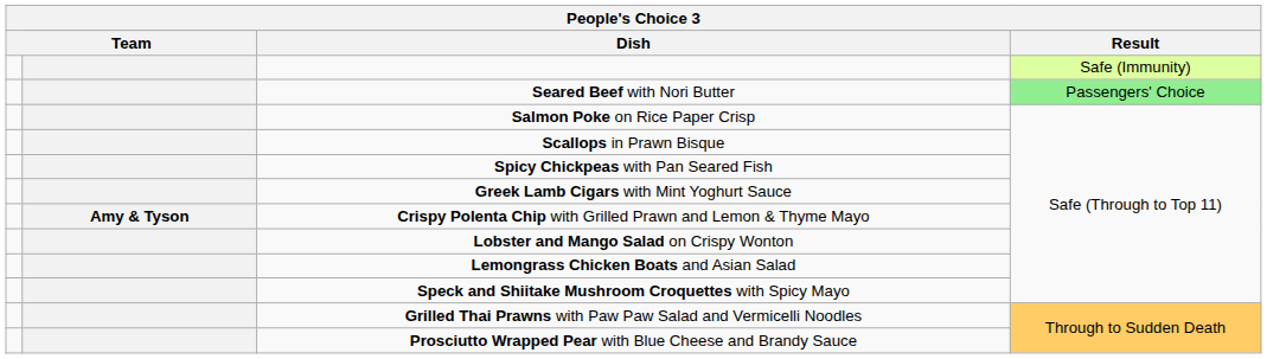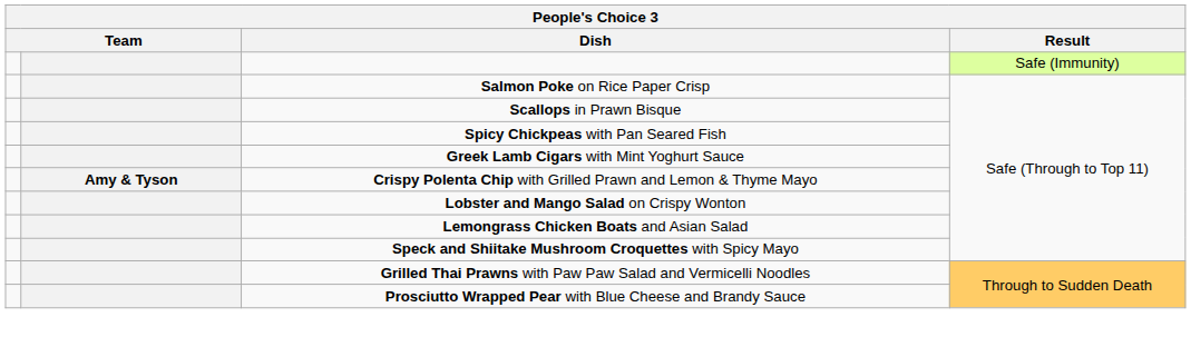 <table class="wikitable plainrowheaders" style="margin:1em auto; text-align:center; font-size:90%; width:80em;">
 <tr>
 <th colspan="4" >People's Choice 3</th>
 </tr>
 <tr>
 <th style="width:20%;" colspan="2">Team</th>
 <th style="width:60%;">Dish</th>
 <th style="width:20%;">Result</th>
 </tr>
 <tr>
 <td></td>
 <th></th>
 <td></td>
 <td bgcolor="DDFF9F">Safe (Immunity)</td>
-</tr>
-<tr>
-<td></td>
-<th></th>
-<td><strong>Seared Beef</strong> with Nori Butter</td>
-<td style="background:lightgreen">Passengers' Choice</td>
 </tr>
 <tr>
 <td></td>
 <th></th>
 <td><strong>Salmon Poke</strong> on Rice Paper Crisp</td>
 <td rowspan="8">Safe (Through to Top 11)</td>
 </tr>
 <tr>
 <td></td>
 <th></th>
 <td><strong>Scallops</strong> in Prawn Bisque</td>
 </tr>
 <tr>
 <td></td>
 <th></th>
 <td><strong>Spicy Chickpeas</strong> with Pan Seared Fish</td>
 </tr>
 <tr>
 <td></td>
 <th></th>
 <td><strong>Greek Lamb Cigars</strong> with Mint Yoghurt Sauce</td>
 </tr>
 <tr>
 <td></td>
 <th style="text-align:centre">Amy & Tyson</th>
 <td><strong>Crispy Polenta Chip</strong> with Grilled Prawn and Lemon & Thyme Mayo</td>
 </tr>
 <tr>
 <td></td>
 <th></th>
 <td><strong>Lobster and Mango Salad</strong> on Crispy Wonton</td>
 </tr>
 <tr>
 <td></td>
 <th></th>
 <td><strong>Lemongrass Chicken Boats</strong> and Asian Salad</td>
 </tr>
 <tr>
 <td></td>
 <th></th>
 <td><strong>Speck and Shiitake Mushroom Croquettes</strong> with Spicy Mayo</td>
 </tr>
 <tr>
 <td></td>
 <th></th>
 <td><strong>Grilled Thai Prawns</strong> with Paw Paw Salad and Vermicelli Noodles</td>
 <td rowspan="2" bgcolor="FFCC66">Through to Sudden Death</td>
 </tr>
 <tr>
 <td></td>
 <th></th>
 <td><strong>Prosciutto Wrapped Pear</strong> with Blue Cheese and Brandy Sauce</td>
 </tr>
 </table>
